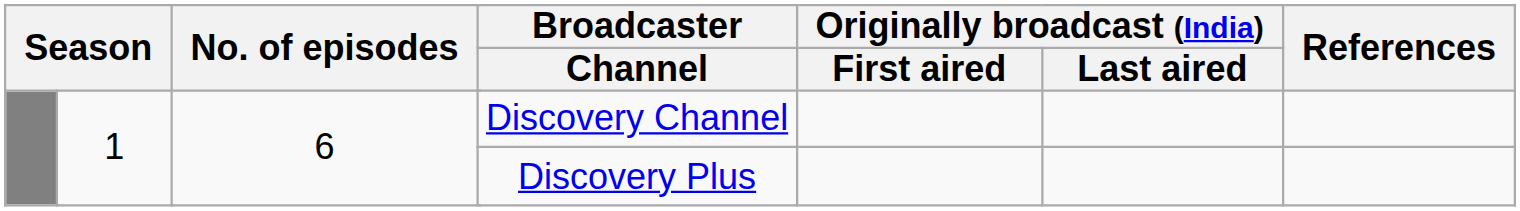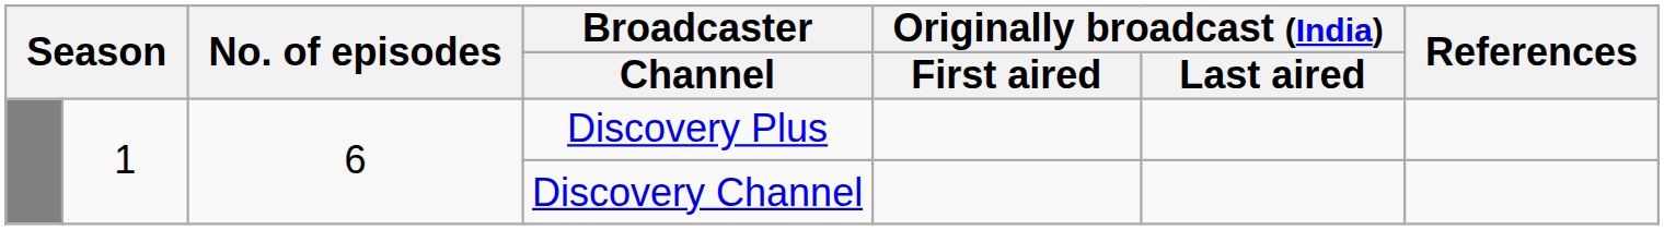 <table class="wikitable" style="text-align:center">
 <tr>
 <th colspan="2" rowspan="2" style="padding: 0 8px">Season</th>
 <th colspan="2" rowspan="2" style="padding: 0 8px">No. of episodes</th>
 <th colspan="1" style="padding: 0 8px">Broadcaster</th>
 <th colspan="2" style="padding: 0 8px">Originally broadcast <small>(<a href='#'>India</a>)</small></th>
 <th colspan="2" rowspan="2" style="padding: 0 8px">References</th>
 </tr>
 <tr>
 <th style="padding: 0 8px">Channel</th>
 <th style="padding: 0 8px">First aired</th>
 <th style="padding: 0 8px">Last aired</th>
 </tr>
 <tr>
 <td rowspan="2" style="background:grey"></td>
 <td rowspan="2" align="center">1</td>
 <td colspan="2" rowspan="2" align="center">6</td>
-<td align="center"><a href='#'>Discovery Channel</a></td>
+<td align="center"><a href='#'>Discovery Plus</a></td>
 <td align="center"></td>
 <td align="center"></td>
 <td align="center"></td>
 </tr>
 <tr>
-<td align="center"><a href='#'>Discovery Plus</a></td>
+<td align="center"><a href='#'>Discovery Channel</a></td>
 <td align="center"></td>
 <td align="center"></td>
 </tr>
 </table>
